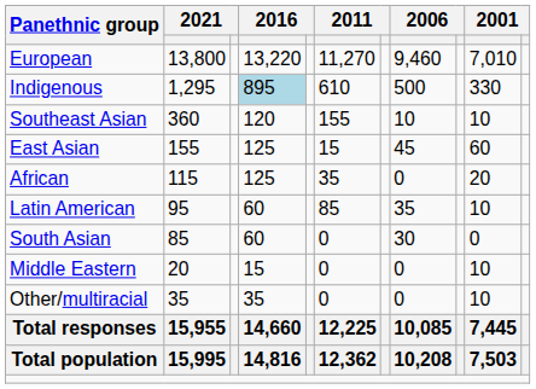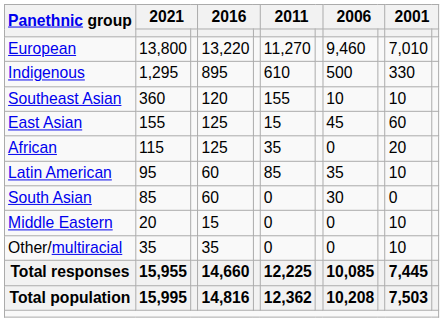 <table class="wikitable collapsible sortable">
 <tr>
 <th rowspan="2"><a href='#'>Panethnic</a> group</th>
 <th colspan="2">2021</th>
 <th colspan="2">2016</th>
 <th colspan="2">2011</th>
 <th colspan="2">2006</th>
 <th colspan="2">2001</th>
 </tr>
 <tr>
 <th><a href='#'></a></th>
 <th></th>
 <th></th>
 <th></th>
 <th></th>
 <th></th>
 <th></th>
 <th></th>
 <th></th>
 <th></th>
 </tr>
 <tr>
 <td><a href='#'>European</a></td>
 <td>13,800</td>
 <td></td>
 <td>13,220</td>
 <td></td>
 <td>11,270</td>
 <td></td>
 <td>9,460</td>
 <td></td>
 <td>7,010</td>
 <td></td>
 </tr>
 <tr>
 <td><a href='#'>Indigenous</a></td>
 <td>1,295</td>
 <td></td>
-<td style="background: lightblue;">895</td>
+<td>895</td>
 <td></td>
 <td>610</td>
 <td></td>
 <td>500</td>
 <td></td>
 <td>330</td>
 <td></td>
 </tr>
 <tr>
 <td><a href='#'>Southeast Asian</a></td>
 <td>360</td>
 <td></td>
 <td>120</td>
 <td></td>
 <td>155</td>
 <td></td>
 <td>10</td>
 <td></td>
 <td>10</td>
 <td></td>
 </tr>
 <tr>
 <td><a href='#'>East Asian</a></td>
 <td>155</td>
 <td></td>
 <td>125</td>
 <td></td>
 <td>15</td>
 <td></td>
 <td>45</td>
 <td></td>
 <td>60</td>
 <td></td>
 </tr>
 <tr>
 <td><a href='#'>African</a></td>
 <td>115</td>
 <td></td>
 <td>125</td>
 <td></td>
 <td>35</td>
 <td></td>
 <td>0</td>
 <td></td>
 <td>20</td>
 <td></td>
 </tr>
 <tr>
 <td><a href='#'>Latin American</a></td>
 <td>95</td>
 <td></td>
 <td>60</td>
 <td></td>
 <td>85</td>
 <td></td>
 <td>35</td>
 <td></td>
 <td>10</td>
 <td></td>
 </tr>
 <tr>
 <td><a href='#'>South Asian</a></td>
 <td>85</td>
 <td></td>
 <td>60</td>
 <td></td>
 <td>0</td>
 <td></td>
 <td>30</td>
 <td></td>
 <td>0</td>
 <td></td>
 </tr>
 <tr>
 <td><a href='#'>Middle Eastern</a></td>
 <td>20</td>
 <td></td>
 <td>15</td>
 <td></td>
 <td>0</td>
 <td></td>
 <td>0</td>
 <td></td>
 <td>10</td>
 <td></td>
 </tr>
 <tr>
 <td>Other/<a href='#'>multiracial</a></td>
 <td>35</td>
 <td></td>
 <td>35</td>
 <td></td>
 <td>0</td>
 <td></td>
 <td>0</td>
 <td></td>
 <td>10</td>
 <td></td>
 </tr>
 <tr>
 <th>Total responses</th>
 <th>15,955</th>
 <th></th>
 <th>14,660</th>
 <th></th>
 <th>12,225</th>
 <th></th>
 <th>10,085</th>
 <th></th>
 <th>7,445</th>
 <th></th>
 </tr>
 <tr class="sortbottom">
 <th>Total population</th>
 <th>15,995</th>
 <th></th>
 <th>14,816</th>
 <th></th>
 <th>12,362</th>
 <th></th>
 <th>10,208</th>
 <th></th>
 <th>7,503</th>
 <th></th>
 </tr>
 <tr class="sortbottom">
 <td colspan="11"></td>
 </tr>
 </table>
